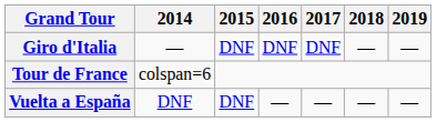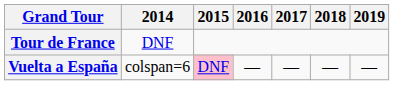 <table class="wikitable plainrowheaders">
 <tr>
 <th scope="col"><a href='#'>Grand Tour</a></th>
 <th scope="col">2014</th>
 <th scope="col">2015</th>
 <th scope="col">2016</th>
 <th scope="col">2017</th>
 <th scope="col">2018</th>
 <th scope="col">2019</th>
 </tr>
 <tr style="text-align:center;">
-<th scope="row"> <a href='#'>Giro d'Italia</a></th>
-<td>—</td>
+<th scope="row"> <a href='#'>Tour de France</a></th>
 <td><a href='#'>DNF</a></td>
-<td><a href='#'>DNF</a></td>
-<td><a href='#'>DNF</a></td>
-<td>—</td>
-<td>—</td>
-</tr>
-<tr style="text-align:center;">
-<th scope="row"> <a href='#'>Tour de France</a></th>
-<td>colspan=6 </td>
 </tr>
 <tr style="text-align:center;">
 <th scope="row"> <a href='#'>Vuelta a España</a></th>
-<td><a href='#'>DNF</a></td>
-<td><a href='#'>DNF</a></td>
+<td>colspan=6 </td>
+<td style="background: pink;"><a href='#'>DNF</a></td>
 <td>—</td>
 <td>—</td>
 <td>—</td>
 <td>—</td>
 </tr>
 </table>
